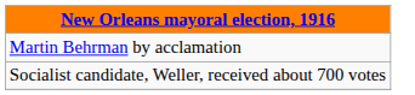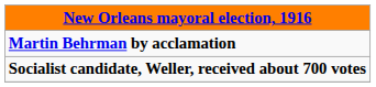 <table class="wikitable">
 <tr>
 <th colspan="7" style="background-color:#FF7F00;text-align:center;"><a href='#'>New Orleans mayoral election, 1916</a></th>
 </tr>
 <tr>
-<td><a href='#'>Martin Behrman</a> by acclamation</td>
+<td><strong><a href='#'>Martin Behrman</a> by acclamation</strong></td>
 </tr>
 <tr>
-<td>Socialist candidate, Weller, received about 700 votes</td>
+<td><strong>Socialist candidate, Weller, received about 700 votes</strong></td>
 </tr>
 <tr>
 </tr>
 </table>
